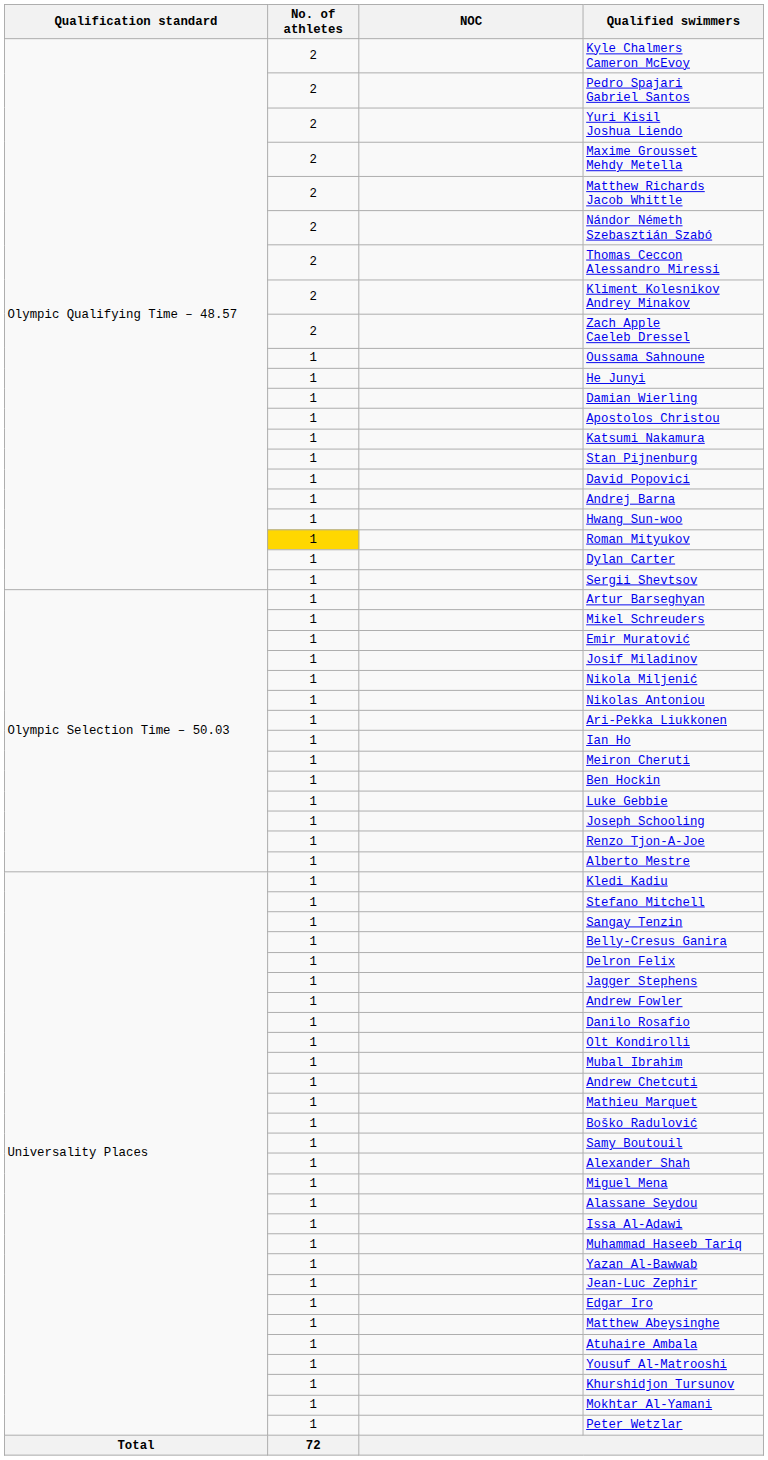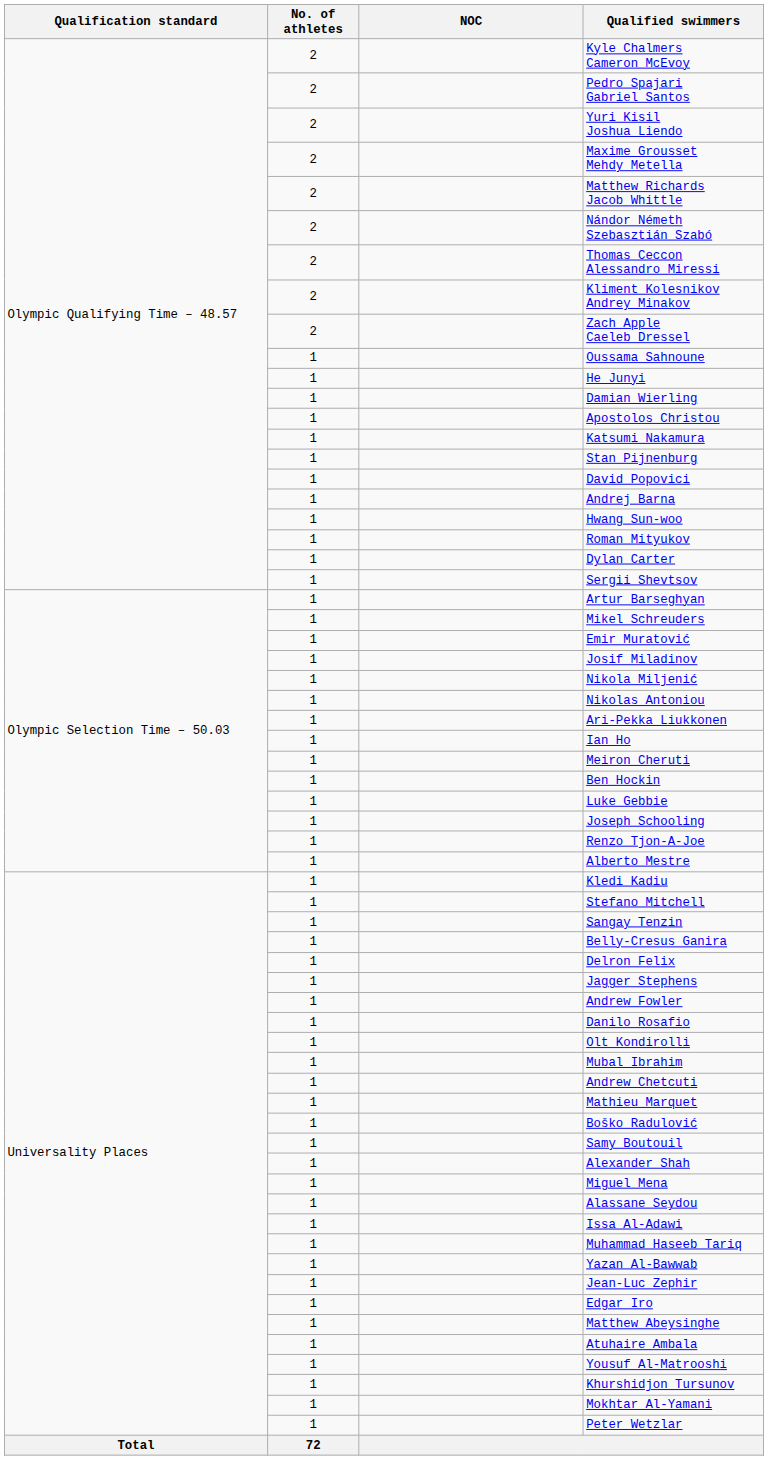 <table class=wikitable style="text-align:left" width=800>
 <tr>
 <th>Qualification standard</th>
 <th width=90>No. of athletes</th>
 <th width=230>NOC</th>
 <th>Qualified swimmers</th>
 </tr>
 <tr>
 <td rowspan=21>Olympic Qualifying Time – 48.57</td>
 <td align=center>2</td>
 <td></td>
 <td><a href='#'>Kyle Chalmers</a><br><a href='#'>Cameron McEvoy</a></td>
 </tr>
 <tr>
 <td align=center>2</td>
 <td></td>
 <td><a href='#'>Pedro Spajari</a><br><a href='#'>Gabriel Santos</a></td>
 </tr>
 <tr>
 <td align=center>2</td>
 <td></td>
 <td><a href='#'>Yuri Kisil</a><br><a href='#'>Joshua Liendo</a></td>
 </tr>
 <tr>
 <td align=center>2</td>
 <td></td>
 <td><a href='#'>Maxime Grousset</a><br><a href='#'>Mehdy Metella</a></td>
 </tr>
 <tr>
 <td align=center>2</td>
 <td></td>
 <td><a href='#'>Matthew Richards</a><br><a href='#'>Jacob Whittle</a></td>
 </tr>
 <tr>
 <td align=center>2</td>
 <td></td>
 <td><a href='#'>Nándor Németh</a><br><a href='#'>Szebasztián Szabó</a></td>
 </tr>
 <tr>
 <td align=center>2</td>
 <td></td>
 <td><a href='#'>Thomas Ceccon</a><br><a href='#'>Alessandro Miressi</a></td>
 </tr>
 <tr>
 <td align=center>2</td>
 <td></td>
 <td><a href='#'>Kliment Kolesnikov</a><br><a href='#'>Andrey Minakov</a></td>
 </tr>
 <tr>
 <td align=center>2</td>
 <td></td>
 <td><a href='#'>Zach Apple</a><br><a href='#'>Caeleb Dressel</a></td>
 </tr>
 <tr>
 <td align=center>1</td>
 <td></td>
 <td><a href='#'>Oussama Sahnoune</a></td>
 </tr>
 <tr>
 <td align=center>1</td>
 <td></td>
 <td><a href='#'>He Junyi</a></td>
 </tr>
 <tr>
 <td align=center>1</td>
 <td></td>
 <td><a href='#'>Damian Wierling</a></td>
 </tr>
 <tr>
 <td align=center>1</td>
 <td></td>
 <td><a href='#'>Apostolos Christou</a></td>
 </tr>
 <tr>
 <td align=center>1</td>
 <td></td>
 <td><a href='#'>Katsumi Nakamura</a></td>
 </tr>
 <tr>
 <td align=center>1</td>
 <td></td>
 <td><a href='#'>Stan Pijnenburg</a></td>
 </tr>
 <tr>
 <td align=center>1</td>
 <td></td>
 <td><a href='#'>David Popovici</a></td>
 </tr>
 <tr>
 <td align=center>1</td>
 <td></td>
 <td><a href='#'>Andrej Barna</a></td>
 </tr>
 <tr>
 <td align=center>1</td>
 <td></td>
 <td><a href='#'>Hwang Sun-woo</a></td>
 </tr>
 <tr>
-<td align=center style="background: gold;">1</td>
+<td align=center>1</td>
 <td></td>
 <td><a href='#'>Roman Mityukov</a></td>
 </tr>
 <tr>
 <td align=center>1</td>
 <td></td>
 <td><a href='#'>Dylan Carter</a></td>
 </tr>
 <tr>
 <td align=center>1</td>
 <td></td>
 <td><a href='#'>Sergii Shevtsov</a></td>
 </tr>
 <tr>
 <td rowspan=14>Olympic Selection Time – 50.03</td>
 <td align=center>1</td>
 <td></td>
 <td><a href='#'>Artur Barseghyan</a></td>
 </tr>
 <tr>
 <td align=center>1</td>
 <td></td>
 <td><a href='#'>Mikel Schreuders</a></td>
 </tr>
 <tr>
 <td align=center>1</td>
 <td></td>
 <td><a href='#'>Emir Muratović</a></td>
 </tr>
 <tr>
 <td align=center>1</td>
 <td></td>
 <td><a href='#'>Josif Miladinov</a></td>
 </tr>
 <tr>
 <td align=center>1</td>
 <td></td>
 <td><a href='#'>Nikola Miljenić</a></td>
 </tr>
 <tr>
 <td align=center>1</td>
 <td></td>
 <td><a href='#'>Nikolas Antoniou</a></td>
 </tr>
 <tr>
 <td align=center>1</td>
 <td></td>
 <td><a href='#'>Ari-Pekka Liukkonen</a></td>
 </tr>
 <tr>
 <td align=center>1</td>
 <td></td>
 <td><a href='#'>Ian Ho</a></td>
 </tr>
 <tr>
 <td align=center>1</td>
 <td></td>
 <td><a href='#'>Meiron Cheruti</a></td>
 </tr>
 <tr>
 <td align=center>1</td>
 <td></td>
 <td><a href='#'>Ben Hockin</a></td>
 </tr>
 <tr>
 <td align=center>1</td>
 <td></td>
 <td><a href='#'>Luke Gebbie</a></td>
 </tr>
 <tr>
 <td align=center>1</td>
 <td></td>
 <td><a href='#'>Joseph Schooling</a></td>
 </tr>
 <tr>
 <td align=center>1</td>
 <td></td>
 <td><a href='#'>Renzo Tjon-A-Joe</a></td>
 </tr>
 <tr>
 <td align=center>1</td>
 <td></td>
 <td><a href='#'>Alberto Mestre</a></td>
 </tr>
 <tr>
 <td rowspan=28>Universality Places</td>
 <td align=center>1</td>
 <td></td>
 <td><a href='#'>Kledi Kadiu</a></td>
 </tr>
 <tr>
 <td align=center>1</td>
 <td></td>
 <td><a href='#'>Stefano Mitchell</a></td>
 </tr>
 <tr>
 <td align=center>1</td>
 <td></td>
 <td><a href='#'>Sangay Tenzin</a></td>
 </tr>
 <tr>
 <td align=center>1</td>
 <td></td>
 <td><a href='#'>Belly-Cresus Ganira</a></td>
 </tr>
 <tr>
 <td align=center>1</td>
 <td></td>
 <td><a href='#'>Delron Felix</a></td>
 </tr>
 <tr>
 <td align=center>1</td>
 <td></td>
 <td><a href='#'>Jagger Stephens</a></td>
 </tr>
 <tr>
 <td align=center>1</td>
 <td></td>
 <td><a href='#'>Andrew Fowler</a></td>
 </tr>
 <tr>
 <td align=center>1</td>
 <td></td>
 <td><a href='#'>Danilo Rosafio</a></td>
 </tr>
 <tr>
 <td align=center>1</td>
 <td></td>
 <td><a href='#'>Olt Kondirolli</a></td>
 </tr>
 <tr>
 <td align=center>1</td>
 <td></td>
 <td><a href='#'>Mubal Ibrahim</a></td>
 </tr>
 <tr>
 <td align=center>1</td>
 <td></td>
 <td><a href='#'>Andrew Chetcuti</a></td>
 </tr>
 <tr>
 <td align=center>1</td>
 <td></td>
 <td><a href='#'>Mathieu Marquet</a></td>
 </tr>
 <tr>
 <td align=center>1</td>
 <td></td>
 <td><a href='#'>Boško Radulović</a></td>
 </tr>
 <tr>
 <td align=center>1</td>
 <td></td>
 <td><a href='#'>Samy Boutouil</a></td>
 </tr>
 <tr>
 <td align=center>1</td>
 <td></td>
 <td><a href='#'>Alexander Shah</a></td>
 </tr>
 <tr>
 <td align=center>1</td>
 <td></td>
 <td><a href='#'>Miguel Mena</a></td>
 </tr>
 <tr>
 <td align=center>1</td>
 <td></td>
 <td><a href='#'>Alassane Seydou</a></td>
 </tr>
 <tr>
 <td align=center>1</td>
 <td></td>
 <td><a href='#'>Issa Al-Adawi</a></td>
 </tr>
 <tr>
 <td align=center>1</td>
 <td></td>
 <td><a href='#'>Muhammad Haseeb Tariq</a></td>
 </tr>
 <tr>
 <td align=center>1</td>
 <td></td>
 <td><a href='#'>Yazan Al-Bawwab</a></td>
 </tr>
 <tr>
 <td align=center>1</td>
 <td></td>
 <td><a href='#'>Jean-Luc Zephir</a></td>
 </tr>
 <tr>
 <td align=center>1</td>
 <td></td>
 <td><a href='#'>Edgar Iro</a></td>
 </tr>
 <tr>
 <td align=center>1</td>
 <td></td>
 <td><a href='#'>Matthew Abeysinghe</a></td>
 </tr>
 <tr>
 <td align=center>1</td>
 <td></td>
 <td><a href='#'>Atuhaire Ambala</a></td>
 </tr>
 <tr>
 <td align=center>1</td>
 <td></td>
 <td><a href='#'>Yousuf Al-Matrooshi</a></td>
 </tr>
 <tr>
 <td align=center>1</td>
 <td></td>
 <td><a href='#'>Khurshidjon Tursunov</a></td>
 </tr>
 <tr>
 <td align=center>1</td>
 <td></td>
 <td><a href='#'>Mokhtar Al-Yamani</a></td>
 </tr>
 <tr>
 <td align=center>1</td>
 <td></td>
 <td><a href='#'>Peter Wetzlar</a></td>
 </tr>
 <tr>
 <th><strong>Total</strong></th>
 <th>72</th>
 <th colspan=2></th>
 </tr>
 </table>
